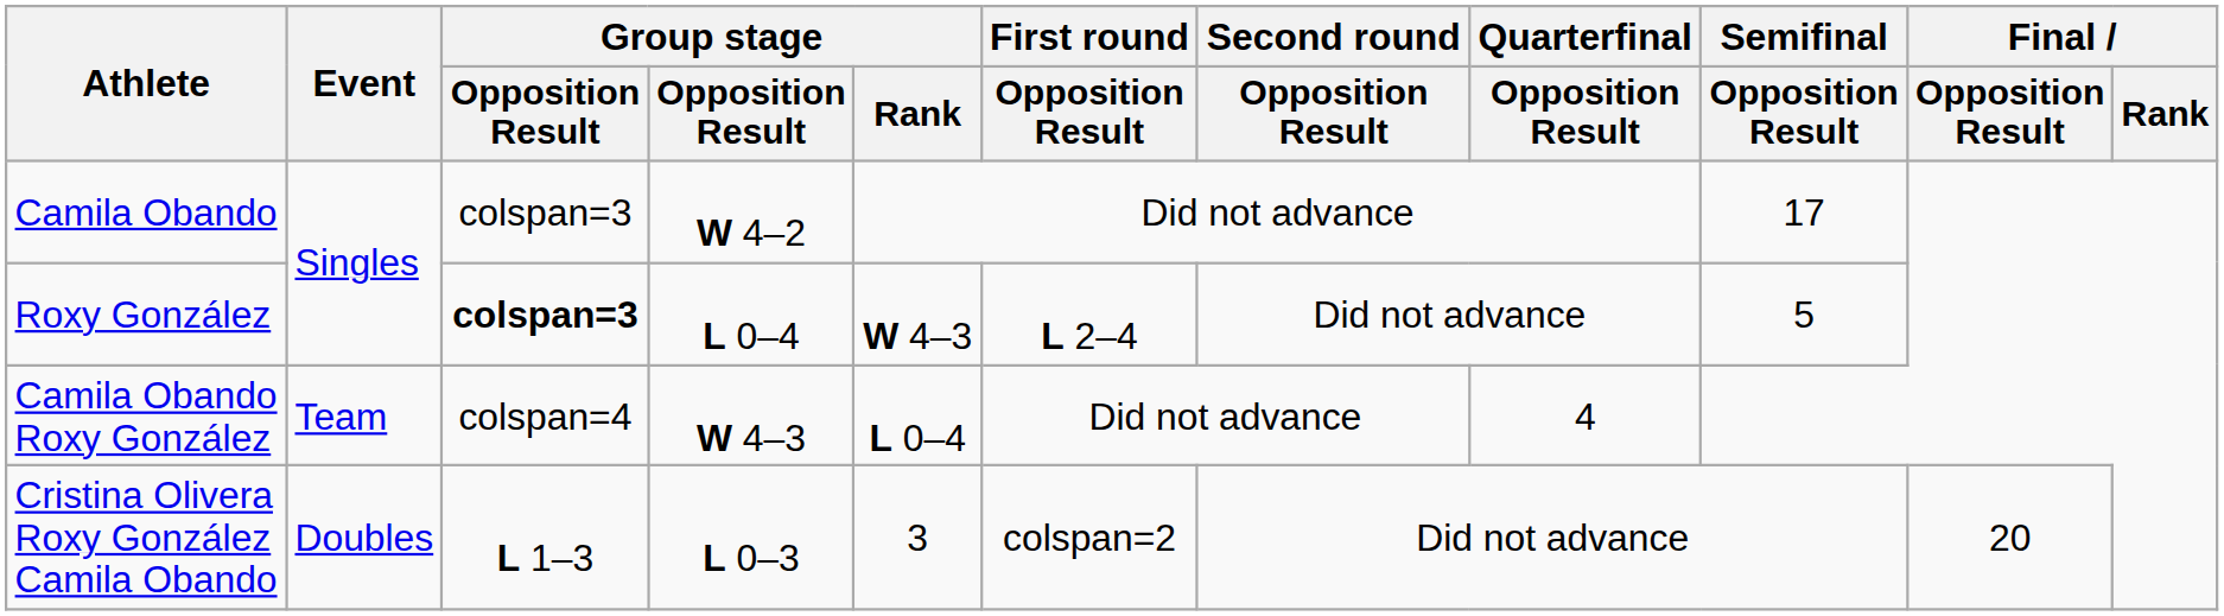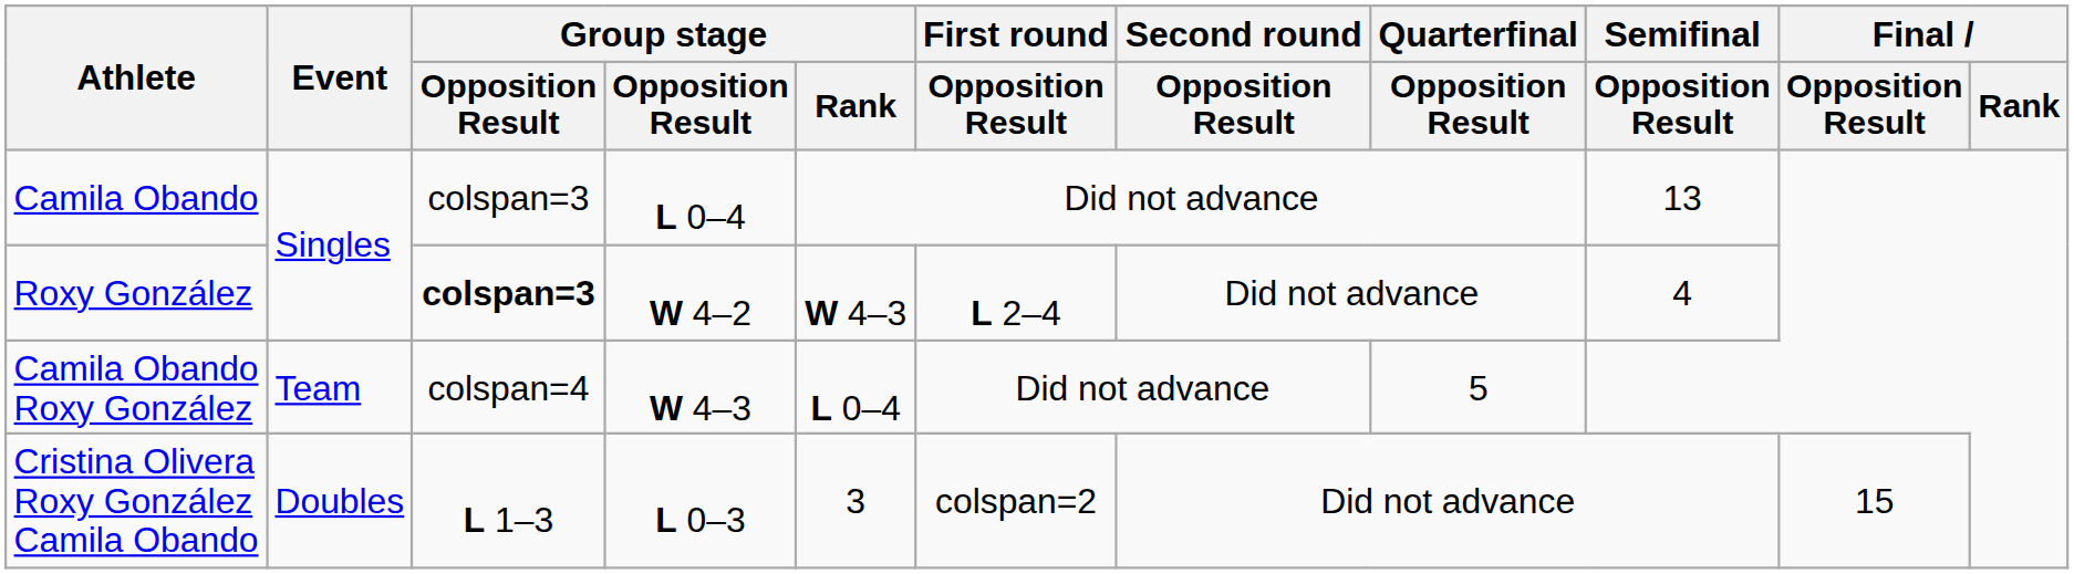 <table class=wikitable style=font-size:90%;text-align:center>
 <tr>
 <th rowspan=2>Athlete</th>
 <th rowspan=2>Event</th>
 <th colspan=3>Group stage</th>
 <th>First round</th>
 <th>Second round</th>
 <th>Quarterfinal</th>
 <th>Semifinal</th>
 <th colspan=2>Final / </th>
 </tr>
 <tr style=font-size:95%>
 <th>Opposition<br>Result</th>
 <th>Opposition<br>Result</th>
 <th>Rank</th>
 <th>Opposition<br>Result</th>
 <th>Opposition<br>Result</th>
 <th>Opposition<br>Result</th>
 <th>Opposition<br>Result</th>
 <th>Opposition<br>Result</th>
 <th>Rank</th>
 </tr>
 <tr>
 <td align=left><a href='#'>Camila Obando</a></td>
 <td align=left rowspan=2><a href='#'>Singles</a></td>
 <td>colspan=3 </td>
-<td><br><strong>W</strong> 4–2</td>
+<td><br> <strong>L</strong> 0–4</td>
 <td colspan=4>Did not advance</td>
-<td>17</td>
+<td>13</td>
 </tr>
 <tr>
 <td align=left><a href='#'>Roxy González</a></td>
 <td><strong>colspan=3 </strong></td>
-<td><br> <strong>L</strong> 0–4</td>
+<td><br><strong>W</strong> 4–2</td>
 <td><br><strong>W</strong> 4–3</td>
 <td><br><strong>L</strong> 2–4</td>
 <td colspan=2>Did not advance</td>
-<td>5</td>
+<td>4</td>
 </tr>
 <tr>
 <td align=left><a href='#'>Camila Obando</a><br><a href='#'>Roxy González</a></td>
 <td align=left><a href='#'>Team</a></td>
 <td>colspan=4 </td>
 <td><br> <strong>W</strong> 4–3</td>
 <td><br> <strong>L</strong> 0–4</td>
 <td colspan=2>Did not advance</td>
-<td>4</td>
+<td>5</td>
 </tr>
 <tr>
 <td align=left><a href='#'>Cristina Olivera</a><br><a href='#'>Roxy González</a><br><a href='#'>Camila Obando</a></td>
 <td align=left><a href='#'>Doubles</a></td>
 <td><br><strong>L</strong> 1–3</td>
 <td><br><strong>L</strong> 0–3</td>
 <td>3</td>
 <td>colspan=2 </td>
 <td colspan=3>Did not advance</td>
-<td>20</td>
+<td>15</td>
 </tr>
 </table>
